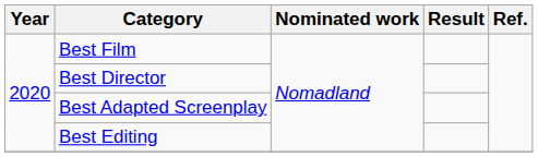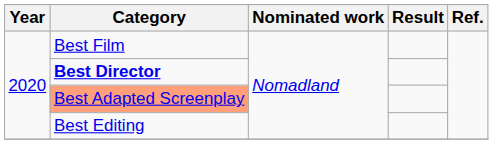 <table class="wikitable">
 <tr>
 <th>Year</th>
 <th>Category</th>
 <th>Nominated work</th>
 <th>Result</th>
 <th>Ref.</th>
 </tr>
 <tr>
 <td rowspan=4><a href='#'>2020</a></td>
 <td><a href='#'>Best Film</a></td>
 <td rowspan="4"><em><a href='#'>Nomadland</a></em></td>
 <td></td>
 <td rowspan=4></td>
 </tr>
 <tr>
-<td><a href='#'>Best Director</a></td>
+<td><strong><a href='#'>Best Director</a></strong></td>
 <td></td>
 </tr>
 <tr>
-<td><a href='#'>Best Adapted Screenplay</a></td>
+<td style="background: lightsalmon;"><a href='#'>Best Adapted Screenplay</a></td>
 <td></td>
 </tr>
 <tr>
 <td><a href='#'>Best Editing</a></td>
 <td></td>
 </tr>
 <tr>
 </tr>
 </table>
